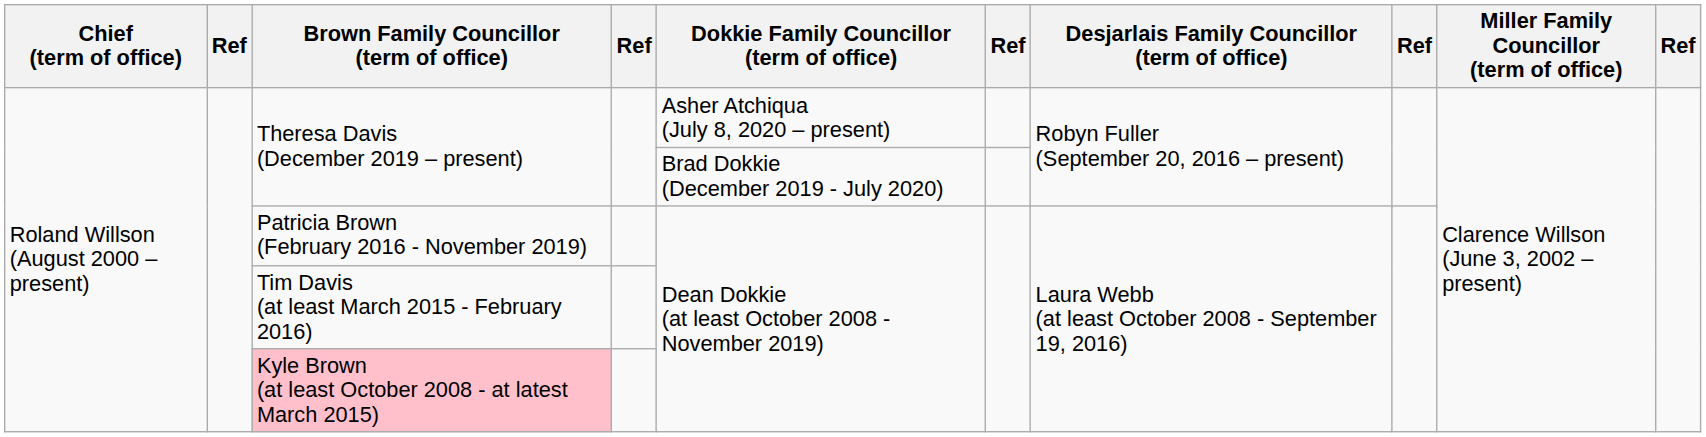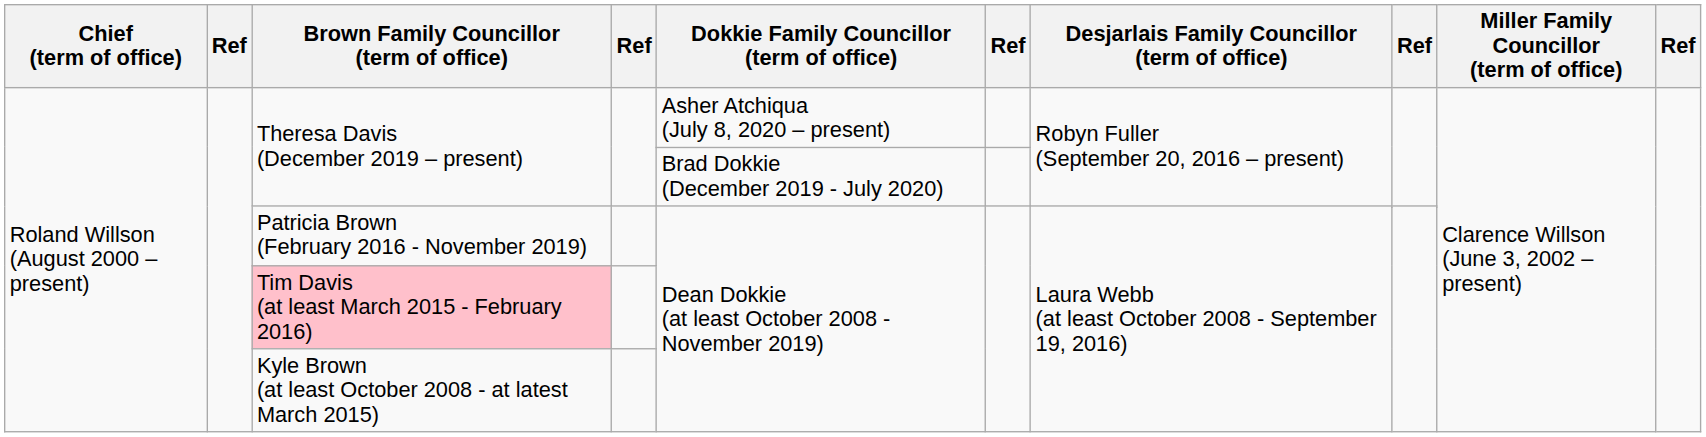 <table class="wikitable">
 <tr>
 <th>Chief<br>(term of office)</th>
 <th>Ref</th>
 <th>Brown Family Councillor<br>(term of office)</th>
 <th>Ref</th>
 <th>Dokkie Family Councillor<br>(term of office)</th>
 <th>Ref</th>
 <th>Desjarlais Family Councillor<br>(term of office)</th>
 <th>Ref</th>
 <th>Miller Family Councillor<br>(term of office)</th>
 <th>Ref</th>
 </tr>
 <tr>
 <td rowspan="6">Roland Willson<br>(August 2000 – present)</td>
 <td rowspan="6"></td>
 <td rowspan="2">Theresa Davis<br>(December 2019 – present)</td>
 <td rowspan="2"></td>
 <td>Asher Atchiqua<br>(July 8, 2020 – present)</td>
 <td></td>
 <td rowspan="3">Robyn Fuller<br>(September 20, 2016 – present)</td>
 <td rowspan="3"></td>
 <td rowspan="6">Clarence Willson<br>(June 3, 2002 – present)</td>
 <td rowspan="6"></td>
 </tr>
 <tr>
 <td>Brad Dokkie<br>(December 2019 - July 2020)</td>
 <td></td>
 </tr>
 <tr>
 <td rowspan="2">Patricia Brown<br>(February 2016 - November 2019)</td>
 <td rowspan="2"></td>
 <td rowspan="4">Dean Dokkie<br>(at least October 2008 - November 2019)</td>
 <td rowspan="4"></td>
 </tr>
 <tr>
 <td rowspan="3">Laura Webb<br>(at least October 2008 - September 19, 2016)</td>
 <td rowspan="3"></td>
 </tr>
 <tr>
-<td>Tim Davis<br>(at least March 2015 - February 2016)</td>
+<td style="background: pink;">Tim Davis<br>(at least March 2015 - February 2016)</td>
 <td></td>
 </tr>
 <tr>
-<td style="background: pink;">Kyle Brown<br>(at least October 2008 - at latest March 2015)</td>
+<td>Kyle Brown<br>(at least October 2008 - at latest March 2015)</td>
 <td></td>
 </tr>
 </table>
